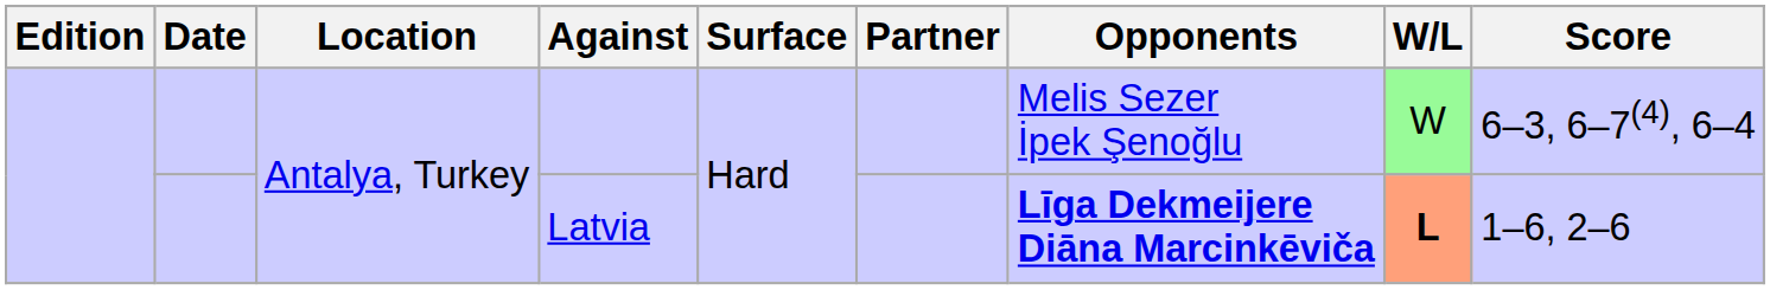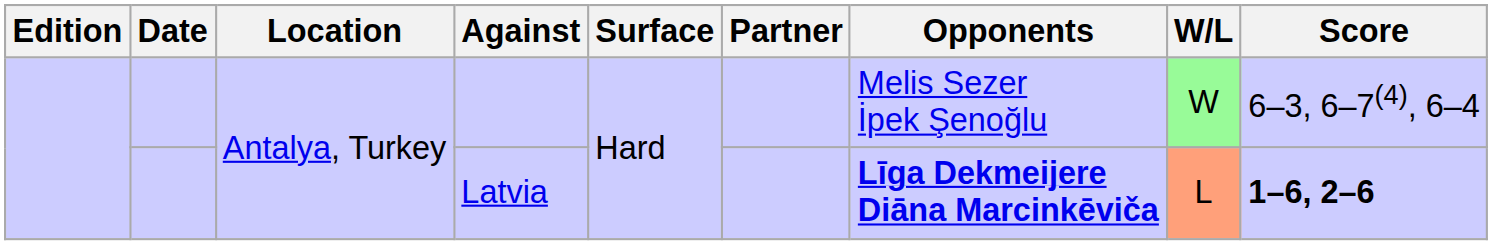 <table class=wikitable style=font-size:97%>
 <tr>
 <th>Edition</th>
 <th>Date</th>
 <th>Location</th>
 <th>Against</th>
 <th>Surface</th>
 <th>Partner</th>
 <th>Opponents</th>
 <th>W/L</th>
 <th>Score</th>
 </tr>
 <tr style="background:#ccf;">
 <td rowspan="2"></td>
 <td></td>
 <td rowspan="2"><a href='#'>Antalya</a>, Turkey</td>
 <td> </td>
 <td rowspan="2">Hard</td>
 <td> </td>
 <td> <a href='#'>Melis Sezer</a> <br>  <a href='#'>İpek Şenoğlu</a></td>
 <td style="text-align:center; background:#98fb98;">W</td>
 <td>6–3, 6–7<sup>(4)</sup>, 6–4</td>
 </tr>
 <tr style="background:#ccf;">
 <td></td>
 <td> <a href='#'>Latvia</a></td>
 <td> </td>
 <td><strong> <a href='#'>Līga Dekmeijere</a> <br>  <a href='#'>Diāna Marcinkēviča</a></strong></td>
-<td style="text-align:center; background:#ffa07a;"><strong>L</strong></td>
-<td>1–6, 2–6</td>
+<td style="text-align:center; background:#ffa07a;">L</td>
+<td><strong>1–6, 2–6</strong></td>
 </tr>
 </table>
